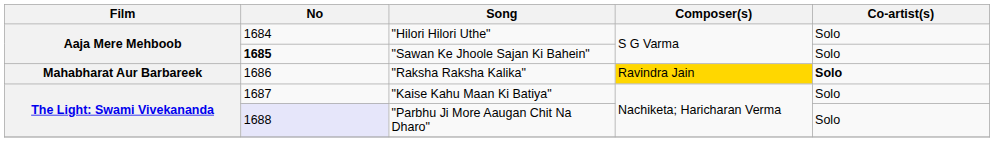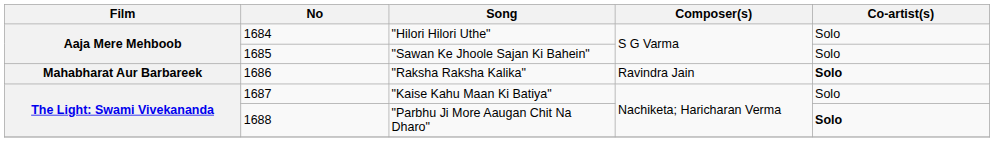 <table class="wikitable plainrowheaders" style="width:100%; textcolor:#000">
 <tr>
 <th scope="col" style="width:24%;">Film</th>
 <th>No</th>
 <th scope="col" style="width:23%;">Song</th>
 <th scope="col" style="width:20%;">Composer(s)</th>
 <th scope="col" style="width:18%;">Co-artist(s)</th>
 </tr>
 <tr>
 <th rowspan=2>Aaja Mere Mehboob</th>
 <td>1684</td>
 <td>"Hilori Hilori Uthe"</td>
 <td rowspan=2>S G Varma</td>
 <td>Solo</td>
 </tr>
 <tr>
-<td><strong>1685</strong></td>
+<td>1685</td>
 <td>"Sawan Ke Jhoole Sajan Ki Bahein"</td>
 <td>Solo</td>
 </tr>
 <tr>
 <th>Mahabharat Aur Barbareek</th>
 <td>1686</td>
 <td>"Raksha Raksha Kalika"</td>
-<td style="background: gold;">Ravindra Jain</td>
+<td>Ravindra Jain</td>
 <td><strong>Solo</strong></td>
 </tr>
 <tr>
 <th rowspan=2><a href='#'>The Light: Swami Vivekananda</a></th>
 <td>1687</td>
 <td>"Kaise Kahu Maan Ki Batiya"</td>
 <td rowspan=2>Nachiketa; Haricharan Verma</td>
 <td>Solo</td>
 </tr>
 <tr>
-<td style="background: lavender;">1688</td>
+<td>1688</td>
 <td>"Parbhu Ji More Aaugan Chit Na Dharo"</td>
-<td>Solo</td>
+<td><strong>Solo</strong></td>
 </tr>
 <tr>
 </tr>
 </table>
